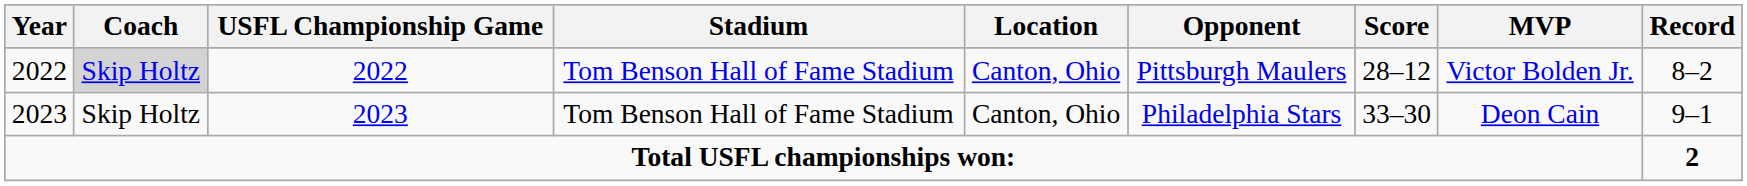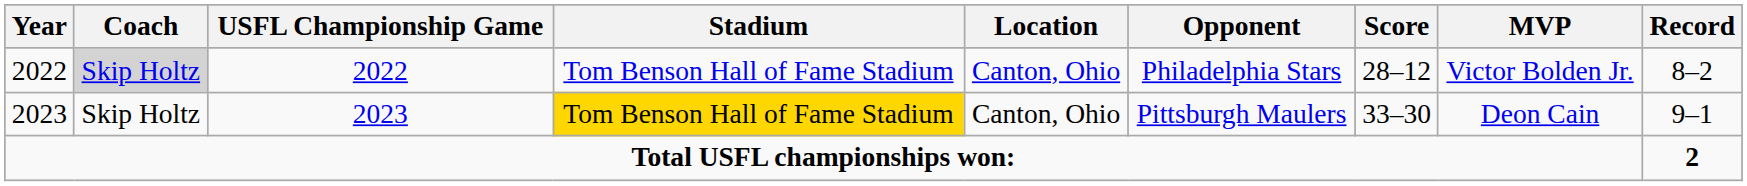 <table class="wikitable" style="width:80%;text-align:center">
 <tr>
 <th>Year</th>
 <th>Coach</th>
 <th>USFL Championship Game</th>
 <th>Stadium</th>
 <th>Location</th>
 <th>Opponent</th>
 <th>Score</th>
 <th>MVP</th>
 <th>Record</th>
 </tr>
 <tr>
 <td>2022</td>
 <td style="background: lightgrey;"><a href='#'>Skip Holtz</a></td>
 <td><a href='#'>2022</a></td>
 <td><a href='#'>Tom Benson Hall of Fame Stadium</a></td>
 <td><a href='#'>Canton, Ohio</a></td>
-<td><a href='#'>Pittsburgh Maulers</a></td>
+<td><a href='#'>Philadelphia Stars</a></td>
 <td>28–12</td>
 <td><a href='#'>Victor Bolden Jr.</a></td>
 <td>8–2</td>
 </tr>
 <tr>
 <td>2023</td>
 <td>Skip Holtz</td>
 <td><a href='#'>2023</a></td>
-<td>Tom Benson Hall of Fame Stadium</td>
+<td style="background: gold;">Tom Benson Hall of Fame Stadium</td>
 <td>Canton, Ohio</td>
-<td><a href='#'>Philadelphia Stars</a></td>
+<td><a href='#'>Pittsburgh Maulers</a></td>
 <td>33–30</td>
 <td><a href='#'>Deon Cain</a></td>
 <td>9–1</td>
 </tr>
 <tr style="text-align:center;">
 <td colspan="8"><strong>Total USFL championships won:</strong></td>
 <td><strong>2</strong></td>
 </tr>
 </table>
